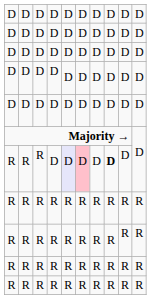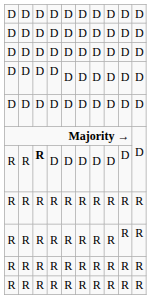 <table class="wikitable" style="text-align:center;">
 <tr>
 <td>D</td>
 <td>D</td>
 <td>D</td>
 <td>D</td>
 <td>D</td>
 <td>D</td>
 <td>D</td>
 <td>D</td>
 <td>D</td>
 <td>D</td>
 </tr>
 <tr>
 <td width=10% >D</td>
 <td width=10% >D</td>
 <td width=10% >D</td>
 <td width=10% >D</td>
 <td width=10% >D</td>
 <td width=10% >D</td>
 <td width=10% >D</td>
 <td width=10% >D</td>
 <td width=10% >D</td>
 <td width=10% >D</td>
 </tr>
 <tr>
 <td>D</td>
 <td>D</td>
 <td>D</td>
 <td>D</td>
 <td>D</td>
 <td>D</td>
 <td>D</td>
 <td>D</td>
 <td>D</td>
 <td>D</td>
 </tr>
 <tr>
 <td>D<br><br></td>
 <td>D<br><br></td>
 <td>D<br><br></td>
 <td>D<br><br></td>
 <td>D</td>
 <td>D</td>
 <td>D</td>
 <td>D</td>
 <td>D</td>
 <td>D</td>
 </tr>
 <tr>
 <td>D<br><br></td>
 <td>D<br><br></td>
 <td>D<br><br></td>
 <td>D<br><br></td>
 <td>D<br><br></td>
 <td>D<br><br></td>
 <td>D<br><br></td>
 <td>D<br><br></td>
 <td>D<br><br></td>
 <td>D<br><br></td>
 </tr>
 <tr>
 <td colspan=9 style="text-align:right"><strong>Majority →</strong></td>
 <td rowspan=2 >D<br><br></td>
 </tr>
 <tr>
 <td>R<br><br></td>
 <td>R<br><br></td>
-<td>R<br><br><br></td>
+<td><strong>R<br><br><br></strong></td>
 <td>D<br><br></td>
-<td style="background: lavender;">D<br><br></td>
-<td style="background: pink;">D<br><br></td>
 <td>D<br><br></td>
-<td><strong>D<br><br></strong></td>
+<td>D<br><br></td>
+<td>D<br><br></td>
+<td>D<br><br></td>
 <td>D<br><br><br></td>
 </tr>
 <tr>
 <td>R<br><br></td>
 <td>R<br><br></td>
 <td>R<br><br></td>
 <td>R<br><br></td>
 <td>R<br><br></td>
 <td>R<br><br></td>
 <td>R<br><br></td>
 <td>R<br><br></td>
 <td>R<br><br></td>
 <td>R<br><br></td>
 </tr>
 <tr>
 <td>R</td>
 <td>R</td>
 <td>R</td>
 <td>R</td>
 <td>R</td>
 <td>R</td>
 <td>R</td>
 <td>R</td>
 <td>R<br><br></td>
 <td>R<br><br></td>
 </tr>
 <tr>
 <td>R</td>
 <td>R</td>
 <td>R</td>
 <td>R</td>
 <td>R</td>
 <td>R</td>
 <td>R</td>
 <td>R</td>
 <td>R</td>
 <td>R</td>
 </tr>
 <tr>
 <td>R</td>
 <td>R</td>
 <td>R</td>
 <td>R</td>
 <td>R</td>
 <td>R</td>
 <td>R</td>
 <td>R</td>
 <td>R</td>
 <td>R</td>
 </tr>
 </table>
